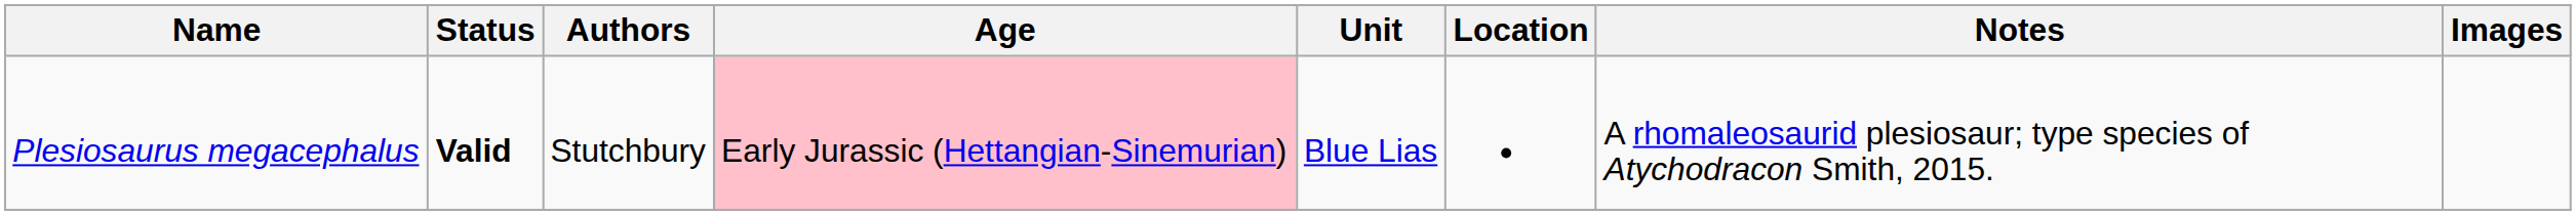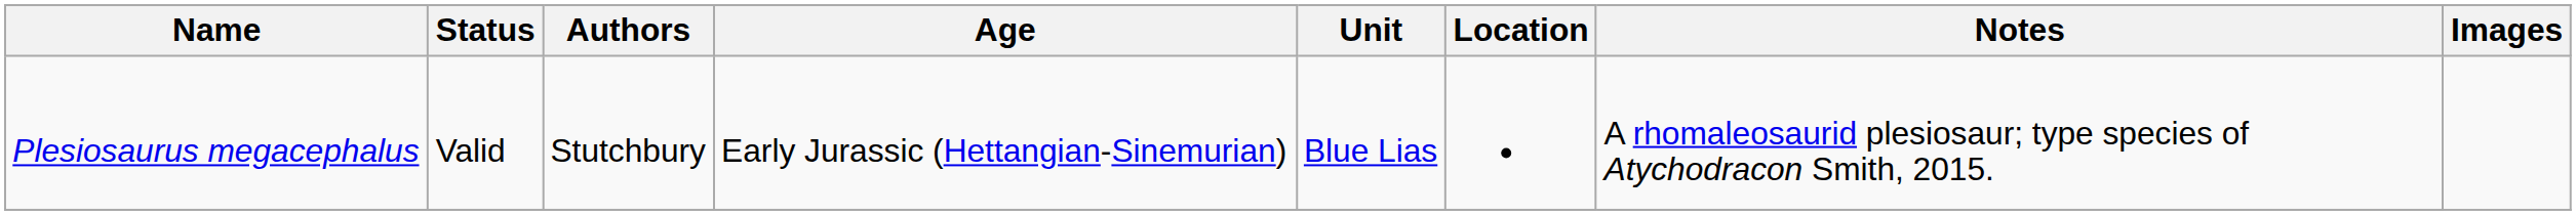 <table class="wikitable sortable" align="center" width="100%">
 <tr>
 <th>Name</th>
 <th>Status</th>
 <th>Authors</th>
 <th>Age</th>
 <th>Unit</th>
 <th>Location</th>
 <th width="33%" class="unsortable">Notes</th>
 <th class="unsortable">Images</th>
 </tr>
 <tr>
 <td><br><em><a href='#'>Plesiosaurus megacephalus</a></em></td>
-<td><strong><br>Valid</strong></td>
+<td><br>Valid</td>
 <td><br>Stutchbury</td>
-<td style="background: pink;"><br>Early Jurassic (<a href='#'>Hettangian</a>-<a href='#'>Sinemurian</a>)</td>
+<td><br>Early Jurassic (<a href='#'>Hettangian</a>-<a href='#'>Sinemurian</a>)</td>
 <td><br><a href='#'>Blue Lias</a></td>
 <td><br><ul><li></li></ul></td>
 <td><br>A <a href='#'>rhomaleosaurid</a> plesiosaur; type species of <em>Atychodracon</em> Smith, 2015.</td>
 <td rowspan="99"><br></td>
 </tr>
 <tr>
 </tr>
 </table>
